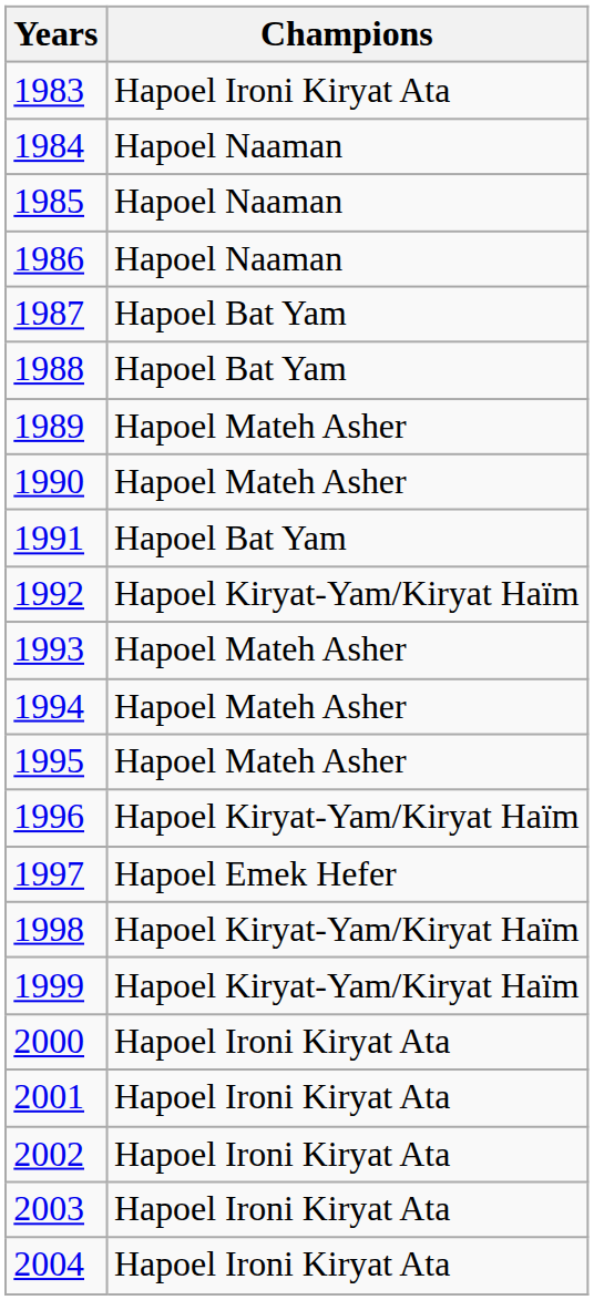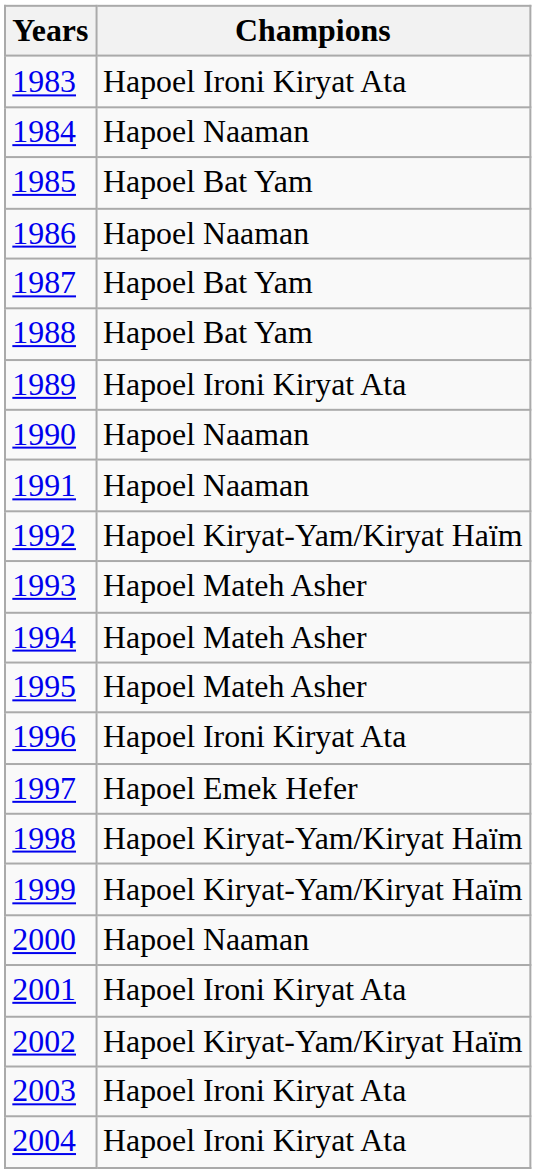 <table class="wikitable" style="display:inline-table;">
 <tr>
 <th>Years</th>
 <th>Champions</th>
 </tr>
 <tr>
 <td><a href='#'>1983</a></td>
 <td>Hapoel Ironi Kiryat Ata</td>
 </tr>
 <tr>
 <td><a href='#'>1984</a></td>
 <td>Hapoel Naaman</td>
 </tr>
 <tr>
 <td><a href='#'>1985</a></td>
-<td>Hapoel Naaman</td>
+<td>Hapoel Bat Yam</td>
 </tr>
 <tr>
 <td><a href='#'>1986</a></td>
 <td>Hapoel Naaman</td>
 </tr>
 <tr>
 <td><a href='#'>1987</a></td>
 <td>Hapoel Bat Yam</td>
 </tr>
 <tr>
 <td><a href='#'>1988</a></td>
 <td>Hapoel Bat Yam</td>
 </tr>
 <tr>
 <td><a href='#'>1989</a></td>
-<td>Hapoel Mateh Asher</td>
+<td>Hapoel Ironi Kiryat Ata</td>
 </tr>
 <tr>
 <td><a href='#'>1990</a></td>
-<td>Hapoel Mateh Asher</td>
+<td>Hapoel Naaman</td>
 </tr>
 <tr>
 <td><a href='#'>1991</a></td>
-<td>Hapoel Bat Yam</td>
+<td>Hapoel Naaman</td>
 </tr>
 <tr>
 <td><a href='#'>1992</a></td>
 <td>Hapoel Kiryat-Yam/Kiryat Haïm</td>
 </tr>
 <tr>
 <td><a href='#'>1993</a></td>
 <td>Hapoel Mateh Asher</td>
 </tr>
 <tr>
 <td><a href='#'>1994</a></td>
 <td>Hapoel Mateh Asher</td>
 </tr>
 <tr>
 <td><a href='#'>1995</a></td>
 <td>Hapoel Mateh Asher</td>
 </tr>
 <tr>
 <td><a href='#'>1996</a></td>
-<td>Hapoel Kiryat-Yam/Kiryat Haïm</td>
+<td>Hapoel Ironi Kiryat Ata</td>
 </tr>
 <tr>
 <td><a href='#'>1997</a></td>
 <td>Hapoel Emek Hefer</td>
 </tr>
 <tr>
 <td><a href='#'>1998</a></td>
 <td>Hapoel Kiryat-Yam/Kiryat Haïm</td>
 </tr>
 <tr>
 <td><a href='#'>1999</a></td>
 <td>Hapoel Kiryat-Yam/Kiryat Haïm</td>
 </tr>
 <tr>
 <td><a href='#'>2000</a></td>
-<td>Hapoel Ironi Kiryat Ata</td>
+<td>Hapoel Naaman</td>
 </tr>
 <tr>
 <td><a href='#'>2001</a></td>
 <td>Hapoel Ironi Kiryat Ata</td>
 </tr>
 <tr>
 <td><a href='#'>2002</a></td>
-<td>Hapoel Ironi Kiryat Ata</td>
+<td>Hapoel Kiryat-Yam/Kiryat Haïm</td>
 </tr>
 <tr>
 <td><a href='#'>2003</a></td>
 <td>Hapoel Ironi Kiryat Ata</td>
 </tr>
 <tr>
 <td><a href='#'>2004</a></td>
 <td>Hapoel Ironi Kiryat Ata</td>
 </tr>
 </table>
